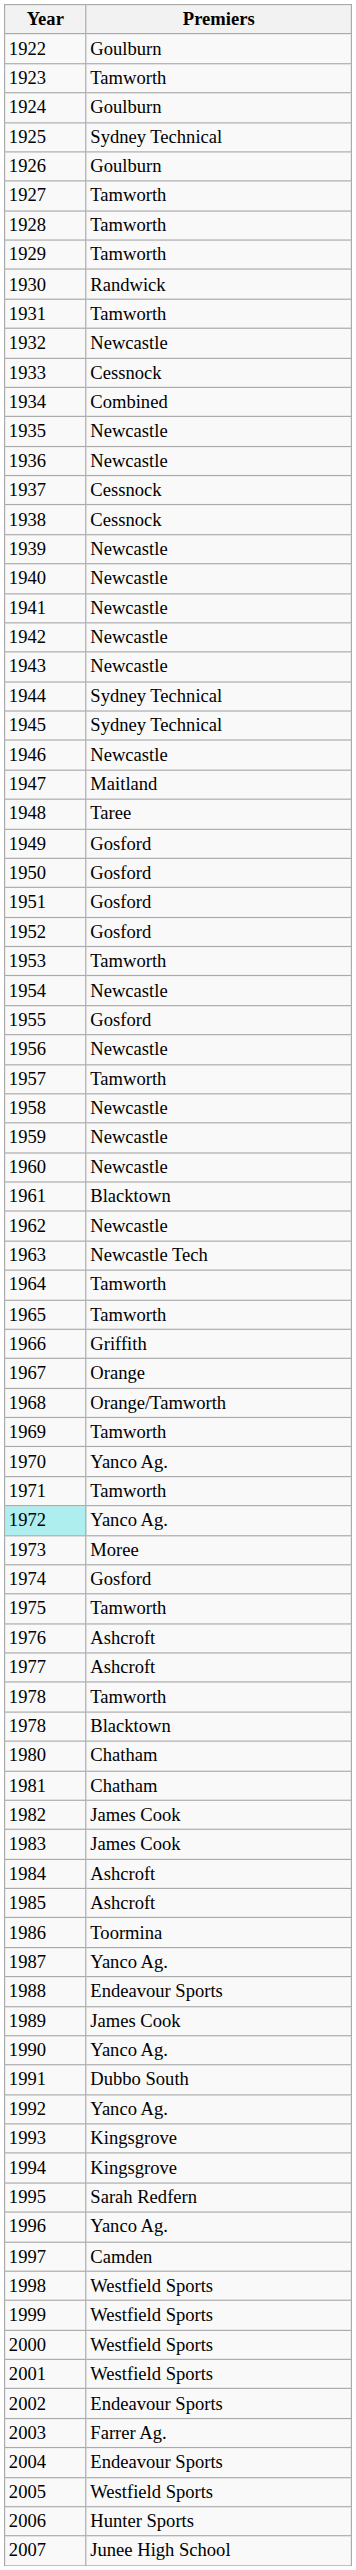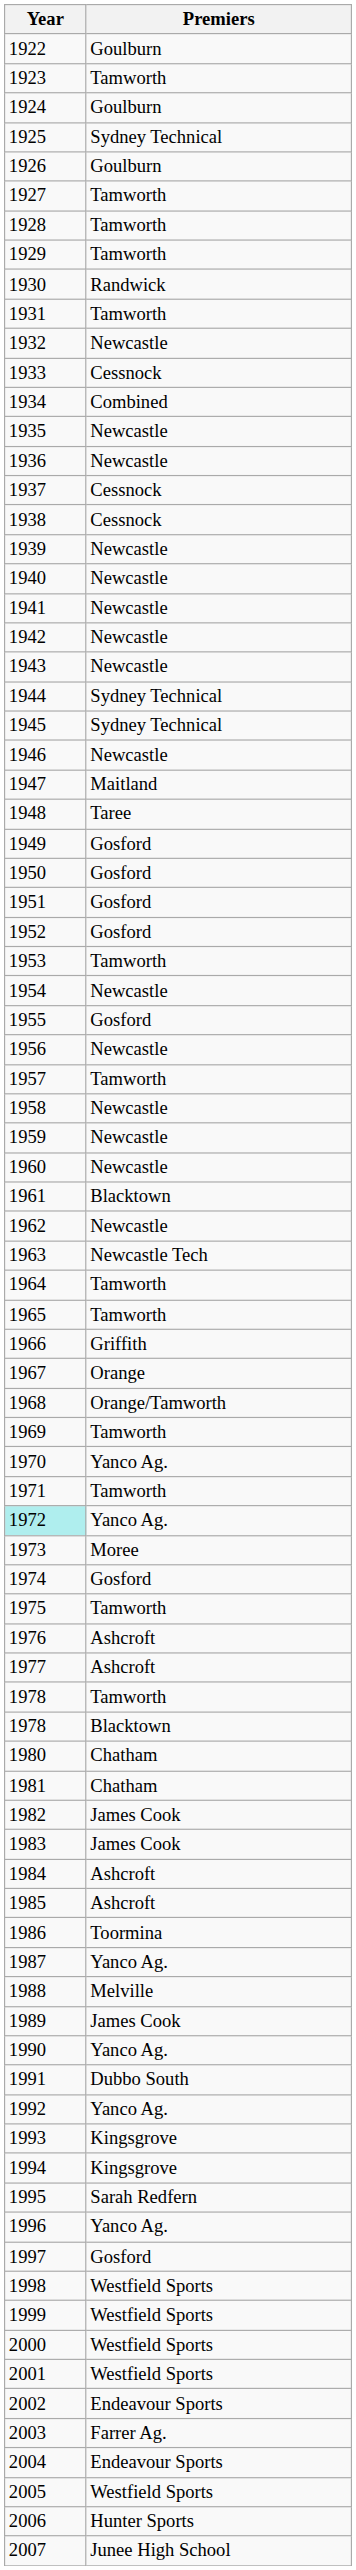 <table class="wikitable" style="width:300px;">
 <tr>
 <th>Year</th>
 <th>Premiers</th>
 </tr>
 <tr>
 <td>1922</td>
 <td>Goulburn</td>
 </tr>
 <tr>
 <td>1923</td>
 <td>Tamworth</td>
 </tr>
 <tr>
 <td>1924</td>
 <td>Goulburn</td>
 </tr>
 <tr>
 <td>1925</td>
 <td>Sydney Technical</td>
 </tr>
 <tr>
 <td>1926</td>
 <td>Goulburn</td>
 </tr>
 <tr>
 <td>1927</td>
 <td>Tamworth</td>
 </tr>
 <tr>
 <td>1928</td>
 <td>Tamworth</td>
 </tr>
 <tr>
 <td>1929</td>
 <td>Tamworth</td>
 </tr>
 <tr>
 <td>1930</td>
 <td>Randwick</td>
 </tr>
 <tr>
 <td>1931</td>
 <td>Tamworth</td>
 </tr>
 <tr>
 <td>1932</td>
 <td>Newcastle</td>
 </tr>
 <tr>
 <td>1933</td>
 <td>Cessnock</td>
 </tr>
 <tr>
 <td>1934</td>
 <td>Combined</td>
 </tr>
 <tr>
 <td>1935</td>
 <td>Newcastle</td>
 </tr>
 <tr>
 <td>1936</td>
 <td>Newcastle</td>
 </tr>
 <tr>
 <td>1937</td>
 <td>Cessnock</td>
 </tr>
 <tr>
 <td>1938</td>
 <td>Cessnock</td>
 </tr>
 <tr>
 <td>1939</td>
 <td>Newcastle</td>
 </tr>
 <tr>
 <td>1940</td>
 <td>Newcastle</td>
 </tr>
 <tr>
 <td>1941</td>
 <td>Newcastle</td>
 </tr>
 <tr>
 <td>1942</td>
 <td>Newcastle</td>
 </tr>
 <tr>
 <td>1943</td>
 <td>Newcastle</td>
 </tr>
 <tr>
 <td>1944</td>
 <td>Sydney Technical</td>
 </tr>
 <tr>
 <td>1945</td>
 <td>Sydney Technical</td>
 </tr>
 <tr>
 <td>1946</td>
 <td>Newcastle</td>
 </tr>
 <tr>
 <td>1947</td>
 <td>Maitland</td>
 </tr>
 <tr>
 <td>1948</td>
 <td>Taree</td>
 </tr>
 <tr>
 <td>1949</td>
 <td>Gosford</td>
 </tr>
 <tr>
 <td>1950</td>
 <td>Gosford</td>
 </tr>
 <tr>
 <td>1951</td>
 <td>Gosford</td>
 </tr>
 <tr>
 <td>1952</td>
 <td>Gosford</td>
 </tr>
 <tr>
 <td>1953</td>
 <td>Tamworth</td>
 </tr>
 <tr>
 <td>1954</td>
 <td>Newcastle</td>
 </tr>
 <tr>
 <td>1955</td>
 <td>Gosford</td>
 </tr>
 <tr>
 <td>1956</td>
 <td>Newcastle</td>
 </tr>
 <tr>
 <td>1957</td>
 <td>Tamworth</td>
 </tr>
 <tr>
 <td>1958</td>
 <td>Newcastle</td>
 </tr>
 <tr>
 <td>1959</td>
 <td>Newcastle</td>
 </tr>
 <tr>
 <td>1960</td>
 <td>Newcastle</td>
 </tr>
 <tr>
 <td>1961</td>
 <td>Blacktown</td>
 </tr>
 <tr>
 <td>1962</td>
 <td>Newcastle</td>
 </tr>
 <tr>
 <td>1963</td>
 <td>Newcastle Tech</td>
 </tr>
 <tr>
 <td>1964</td>
 <td>Tamworth</td>
 </tr>
 <tr>
 <td>1965</td>
 <td>Tamworth</td>
 </tr>
 <tr>
 <td>1966</td>
 <td>Griffith</td>
 </tr>
 <tr>
 <td>1967</td>
 <td>Orange</td>
 </tr>
 <tr>
 <td>1968</td>
 <td>Orange/Tamworth</td>
 </tr>
 <tr>
 <td>1969</td>
 <td>Tamworth</td>
 </tr>
 <tr>
 <td>1970</td>
 <td>Yanco Ag.</td>
 </tr>
 <tr>
 <td>1971</td>
 <td>Tamworth</td>
 </tr>
 <tr>
 <td style="background: paleturquoise;">1972</td>
 <td>Yanco Ag.</td>
 </tr>
 <tr>
 <td>1973</td>
 <td>Moree</td>
 </tr>
 <tr>
 <td>1974</td>
 <td>Gosford</td>
 </tr>
 <tr>
 <td>1975</td>
 <td>Tamworth</td>
 </tr>
 <tr>
 <td>1976</td>
 <td>Ashcroft</td>
 </tr>
 <tr>
 <td>1977</td>
 <td>Ashcroft</td>
 </tr>
 <tr>
 <td>1978</td>
 <td>Tamworth</td>
 </tr>
 <tr>
 <td>1978</td>
 <td>Blacktown</td>
 </tr>
 <tr>
 <td>1980</td>
 <td>Chatham</td>
 </tr>
 <tr>
 <td>1981</td>
 <td>Chatham</td>
 </tr>
 <tr>
 <td>1982</td>
 <td>James Cook</td>
 </tr>
 <tr>
 <td>1983</td>
 <td>James Cook</td>
 </tr>
 <tr>
 <td>1984</td>
 <td>Ashcroft</td>
 </tr>
 <tr>
 <td>1985</td>
 <td>Ashcroft</td>
 </tr>
 <tr>
 <td>1986</td>
 <td>Toormina</td>
 </tr>
 <tr>
 <td>1987</td>
 <td>Yanco Ag.</td>
 </tr>
 <tr>
 <td>1988</td>
-<td>Endeavour Sports</td>
+<td>Melville</td>
 </tr>
 <tr>
 <td>1989</td>
 <td>James Cook</td>
 </tr>
 <tr>
 <td>1990</td>
 <td>Yanco Ag.</td>
 </tr>
 <tr>
 <td>1991</td>
 <td>Dubbo South</td>
 </tr>
 <tr>
 <td>1992</td>
 <td>Yanco Ag.</td>
 </tr>
 <tr>
 <td>1993</td>
 <td>Kingsgrove</td>
 </tr>
 <tr>
 <td>1994</td>
 <td>Kingsgrove</td>
 </tr>
 <tr>
 <td>1995</td>
 <td>Sarah Redfern</td>
 </tr>
 <tr>
 <td>1996</td>
 <td>Yanco Ag.</td>
 </tr>
 <tr>
 <td>1997</td>
-<td>Camden</td>
+<td>Gosford</td>
 </tr>
 <tr>
 <td>1998</td>
 <td>Westfield Sports</td>
 </tr>
 <tr>
 <td>1999</td>
 <td>Westfield Sports</td>
 </tr>
 <tr>
 <td>2000</td>
 <td>Westfield Sports</td>
 </tr>
 <tr>
 <td>2001</td>
 <td>Westfield Sports</td>
 </tr>
 <tr>
 <td>2002</td>
 <td>Endeavour Sports</td>
 </tr>
 <tr>
 <td>2003</td>
 <td>Farrer Ag.</td>
 </tr>
 <tr>
 <td>2004</td>
 <td>Endeavour Sports</td>
 </tr>
 <tr>
 <td>2005</td>
 <td>Westfield Sports</td>
 </tr>
 <tr>
 <td>2006</td>
 <td>Hunter Sports</td>
 </tr>
 <tr>
 <td>2007</td>
 <td>Junee High School</td>
 </tr>
 </table>
